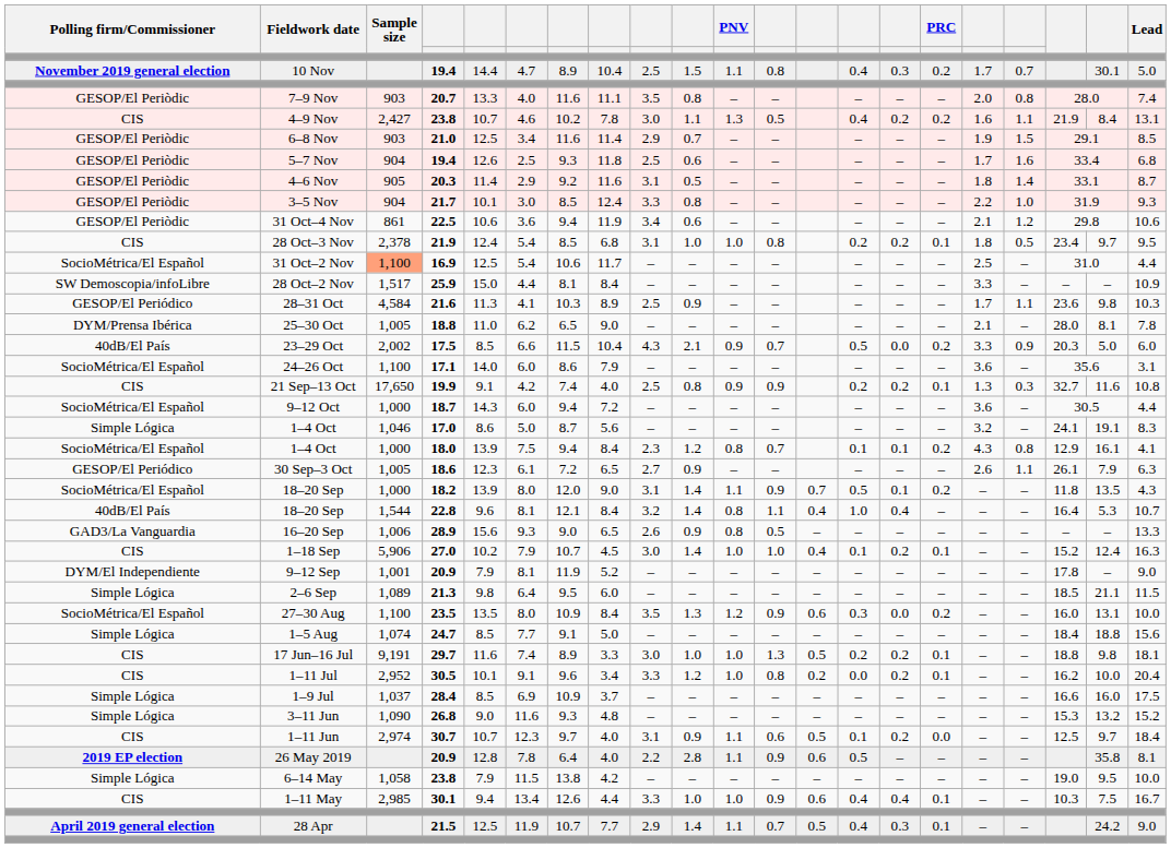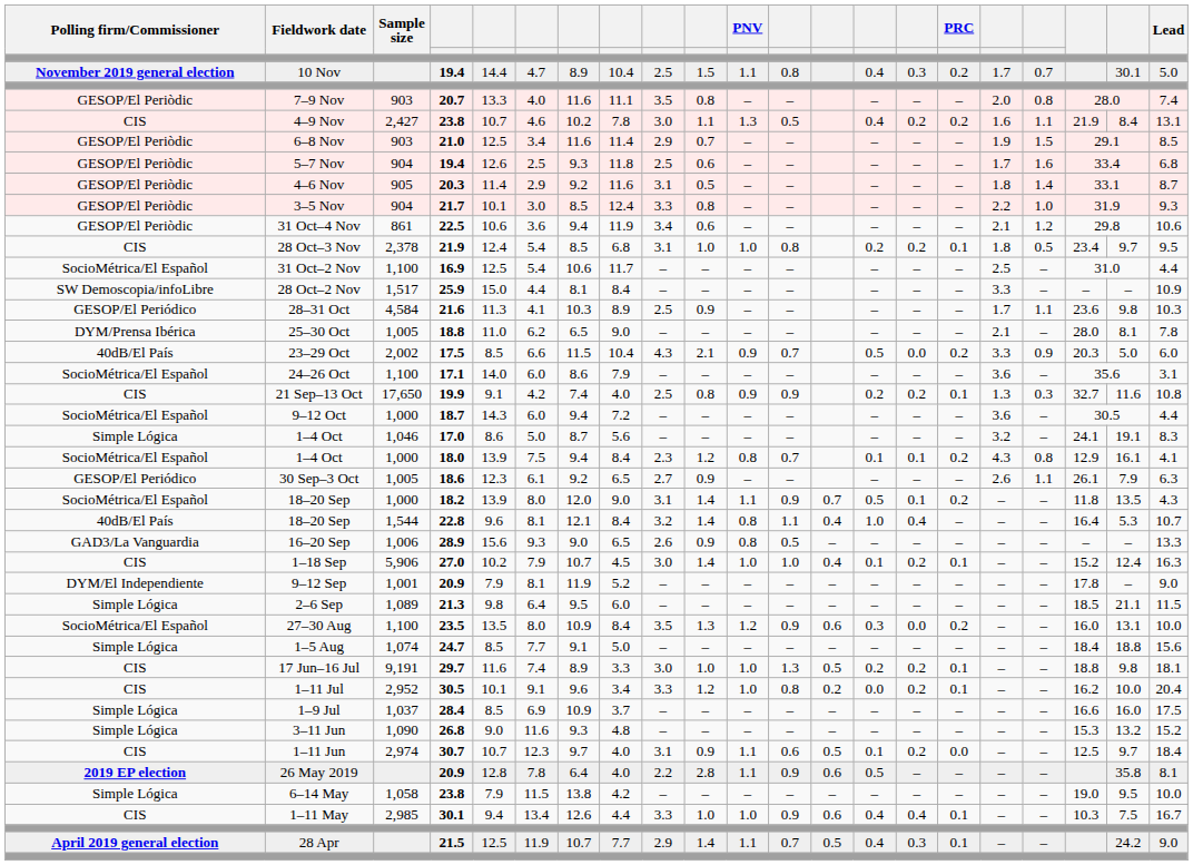 <table class="wikitable collapsible collapsed" style="text-align:center; font-size:90%; line-height:14px;">
 <tr style="height:42px;">
 <th style="width:250px;" rowspan="2">Polling firm/Commissioner</th>
 <th style="width:100px;" rowspan="2">Fieldwork date</th>
 <th style="width:50px;" rowspan="2">Sample size</th>
 <th style="width:35px;"></th>
 <th style="width:35px;"></th>
 <th style="width:35px;"></th>
 <th style="width:35px;"></th>
 <th style="width:35px;"></th>
 <th style="width:35px;"></th>
 <th style="width:35px;"></th>
 <th style="width:35px;"><a href='#'>PNV</a></th>
 <th style="width:35px;"></th>
 <th style="width:35px;"></th>
 <th style="width:35px;"></th>
 <th style="width:35px;"></th>
 <th style="width:35px;"><a href='#'>PRC</a></th>
 <th style="width:35px;"></th>
 <th style="width:35px;"></th>
 <th style="width:35px;" rowspan="2"></th>
 <th style="width:35px;" rowspan="2"></th>
 <th style="width:30px;" rowspan="2">Lead</th>
 </tr>
 <tr>
 <th style="color:inherit;background:"></th>
 <th style="color:inherit;background:"></th>
 <th style="color:inherit;background:"></th>
 <th style="color:inherit;background:"></th>
 <th style="color:inherit;background:"></th>
 <th style="color:inherit;background:"></th>
 <th style="color:inherit;background:"></th>
 <th style="color:inherit;background:"></th>
 <th style="color:inherit;background:"></th>
 <th style="color:inherit;background:"></th>
 <th style="color:inherit;background:"></th>
 <th style="color:inherit;background:"></th>
 <th style="color:inherit;background:"></th>
 <th style="color:inherit;background:"></th>
 <th style="color:inherit;background:"></th>
 </tr>
 <tr>
 <td colspan="21" style="background:#A0A0A0"></td>
 </tr>
 <tr style="background:#EFEFEF;">
 <td><strong><a href='#'>November 2019 general election</a></strong></td>
 <td>10 Nov</td>
 <td></td>
 <td><strong>19.4</strong></td>
 <td>14.4</td>
 <td>4.7</td>
 <td>8.9</td>
 <td>10.4</td>
 <td>2.5</td>
 <td>1.5</td>
 <td>1.1</td>
 <td>0.8</td>
 <td></td>
 <td>0.4</td>
 <td>0.3</td>
 <td>0.2</td>
 <td>1.7</td>
 <td>0.7</td>
 <td></td>
 <td>30.1</td>
 <td style="background:">5.0</td>
 </tr>
 <tr>
 <td colspan="21" style="background:#A0A0A0"></td>
 </tr>
 <tr style="background:#FFEAEA;">
 <td>GESOP/El Periòdic</td>
 <td>7–9 Nov</td>
 <td>903</td>
 <td><strong>20.7</strong></td>
 <td>13.3</td>
 <td>4.0</td>
 <td>11.6</td>
 <td>11.1</td>
 <td>3.5</td>
 <td>0.8</td>
 <td>–</td>
 <td>–</td>
 <td></td>
 <td>–</td>
 <td>–</td>
 <td>–</td>
 <td>2.0</td>
 <td>0.8</td>
 <td colspan="2">28.0</td>
 <td style="background:">7.4</td>
 </tr>
 <tr style="background:#FFEAEA;">
 <td>CIS</td>
 <td>4–9 Nov</td>
 <td>2,427</td>
 <td><strong>23.8</strong></td>
 <td>10.7</td>
 <td>4.6</td>
 <td>10.2</td>
 <td>7.8</td>
 <td>3.0</td>
 <td>1.1</td>
 <td>1.3</td>
 <td>0.5</td>
 <td></td>
 <td>0.4</td>
 <td>0.2</td>
 <td>0.2</td>
 <td>1.6</td>
 <td>1.1</td>
 <td>21.9</td>
 <td>8.4</td>
 <td style="background:">13.1</td>
 </tr>
 <tr style="background:#FFEAEA;">
 <td>GESOP/El Periòdic</td>
 <td>6–8 Nov</td>
 <td>903</td>
 <td><strong>21.0</strong></td>
 <td>12.5</td>
 <td>3.4</td>
 <td>11.6</td>
 <td>11.4</td>
 <td>2.9</td>
 <td>0.7</td>
 <td>–</td>
 <td>–</td>
 <td></td>
 <td>–</td>
 <td>–</td>
 <td>–</td>
 <td>1.9</td>
 <td>1.5</td>
 <td colspan="2">29.1</td>
 <td style="background:">8.5</td>
 </tr>
 <tr style="background:#FFEAEA;">
 <td>GESOP/El Periòdic</td>
 <td>5–7 Nov</td>
 <td>904</td>
 <td><strong>19.4</strong></td>
 <td>12.6</td>
 <td>2.5</td>
 <td>9.3</td>
 <td>11.8</td>
 <td>2.5</td>
 <td>0.6</td>
 <td>–</td>
 <td>–</td>
 <td></td>
 <td>–</td>
 <td>–</td>
 <td>–</td>
 <td>1.7</td>
 <td>1.6</td>
 <td colspan="2">33.4</td>
 <td style="background:">6.8</td>
 </tr>
 <tr style="background:#FFEAEA;">
 <td>GESOP/El Periòdic</td>
 <td>4–6 Nov</td>
 <td>905</td>
 <td><strong>20.3</strong></td>
 <td>11.4</td>
 <td>2.9</td>
 <td>9.2</td>
 <td>11.6</td>
 <td>3.1</td>
 <td>0.5</td>
 <td>–</td>
 <td>–</td>
 <td></td>
 <td>–</td>
 <td>–</td>
 <td>–</td>
 <td>1.8</td>
 <td>1.4</td>
 <td colspan="2">33.1</td>
 <td style="background:">8.7</td>
 </tr>
 <tr style="background:#FFEAEA;">
 <td>GESOP/El Periòdic</td>
 <td>3–5 Nov</td>
 <td>904</td>
 <td><strong>21.7</strong></td>
 <td>10.1</td>
 <td>3.0</td>
 <td>8.5</td>
 <td>12.4</td>
 <td>3.3</td>
 <td>0.8</td>
 <td>–</td>
 <td>–</td>
 <td></td>
 <td>–</td>
 <td>–</td>
 <td>–</td>
 <td>2.2</td>
 <td>1.0</td>
 <td colspan="2">31.9</td>
 <td style="background:">9.3</td>
 </tr>
 <tr>
 <td>GESOP/El Periòdic</td>
 <td>31 Oct–4 Nov</td>
 <td>861</td>
 <td><strong>22.5</strong></td>
 <td>10.6</td>
 <td>3.6</td>
 <td>9.4</td>
 <td>11.9</td>
 <td>3.4</td>
 <td>0.6</td>
 <td>–</td>
 <td>–</td>
 <td></td>
 <td>–</td>
 <td>–</td>
 <td>–</td>
 <td>2.1</td>
 <td>1.2</td>
 <td colspan="2">29.8</td>
 <td style="background:">10.6</td>
 </tr>
 <tr>
 <td>CIS</td>
 <td>28 Oct–3 Nov</td>
 <td>2,378</td>
 <td><strong>21.9</strong></td>
 <td>12.4</td>
 <td>5.4</td>
 <td>8.5</td>
 <td>6.8</td>
 <td>3.1</td>
 <td>1.0</td>
 <td>1.0</td>
 <td>0.8</td>
 <td></td>
 <td>0.2</td>
 <td>0.2</td>
 <td>0.1</td>
 <td>1.8</td>
 <td>0.5</td>
 <td>23.4</td>
 <td>9.7</td>
 <td style="background:">9.5</td>
 </tr>
 <tr>
 <td>SocioMétrica/El Español</td>
 <td>31 Oct–2 Nov</td>
-<td style="background: lightsalmon;">1,100</td>
+<td>1,100</td>
 <td><strong>16.9</strong></td>
 <td>12.5</td>
 <td>5.4</td>
 <td>10.6</td>
 <td>11.7</td>
 <td>–</td>
 <td>–</td>
 <td>–</td>
 <td>–</td>
 <td></td>
 <td>–</td>
 <td>–</td>
 <td>–</td>
 <td>2.5</td>
 <td>–</td>
 <td colspan="2">31.0</td>
 <td style="background:">4.4</td>
 </tr>
 <tr>
 <td>SW Demoscopia/infoLibre</td>
 <td>28 Oct–2 Nov</td>
 <td>1,517</td>
 <td><strong>25.9</strong></td>
 <td>15.0</td>
 <td>4.4</td>
 <td>8.1</td>
 <td>8.4</td>
 <td>–</td>
 <td>–</td>
 <td>–</td>
 <td>–</td>
 <td></td>
 <td>–</td>
 <td>–</td>
 <td>–</td>
 <td>3.3</td>
 <td>–</td>
 <td>–</td>
 <td>–</td>
 <td style="background:">10.9</td>
 </tr>
 <tr>
 <td>GESOP/El Periódico</td>
 <td>28–31 Oct</td>
 <td>4,584</td>
 <td><strong>21.6</strong></td>
 <td>11.3</td>
 <td>4.1</td>
 <td>10.3</td>
 <td>8.9</td>
 <td>2.5</td>
 <td>0.9</td>
 <td>–</td>
 <td>–</td>
 <td></td>
 <td>–</td>
 <td>–</td>
 <td>–</td>
 <td>1.7</td>
 <td>1.1</td>
 <td>23.6</td>
 <td>9.8</td>
 <td style="background:">10.3</td>
 </tr>
 <tr>
 <td>DYM/Prensa Ibérica</td>
 <td>25–30 Oct</td>
 <td>1,005</td>
 <td><strong>18.8</strong></td>
 <td>11.0</td>
 <td>6.2</td>
 <td>6.5</td>
 <td>9.0</td>
 <td>–</td>
 <td>–</td>
 <td>–</td>
 <td>–</td>
 <td></td>
 <td>–</td>
 <td>–</td>
 <td>–</td>
 <td>2.1</td>
 <td>–</td>
 <td>28.0</td>
 <td>8.1</td>
 <td style="background:">7.8</td>
 </tr>
 <tr>
 <td>40dB/El País</td>
 <td>23–29 Oct</td>
 <td>2,002</td>
 <td><strong>17.5</strong></td>
 <td>8.5</td>
 <td>6.6</td>
 <td>11.5</td>
 <td>10.4</td>
 <td>4.3</td>
 <td>2.1</td>
 <td>0.9</td>
 <td>0.7</td>
 <td></td>
 <td>0.5</td>
 <td>0.0</td>
 <td>0.2</td>
 <td>3.3</td>
 <td>0.9</td>
 <td>20.3</td>
 <td>5.0</td>
 <td style="background:">6.0</td>
 </tr>
 <tr>
 <td>SocioMétrica/El Español</td>
 <td>24–26 Oct</td>
 <td>1,100</td>
 <td><strong>17.1</strong></td>
 <td>14.0</td>
 <td>6.0</td>
 <td>8.6</td>
 <td>7.9</td>
 <td>–</td>
 <td>–</td>
 <td>–</td>
 <td>–</td>
 <td></td>
 <td>–</td>
 <td>–</td>
 <td>–</td>
 <td>3.6</td>
 <td>–</td>
 <td colspan="2">35.6</td>
 <td style="background:">3.1</td>
 </tr>
 <tr>
 <td>CIS</td>
 <td>21 Sep–13 Oct</td>
 <td>17,650</td>
 <td><strong>19.9</strong></td>
 <td>9.1</td>
 <td>4.2</td>
 <td>7.4</td>
 <td>4.0</td>
 <td>2.5</td>
 <td>0.8</td>
 <td>0.9</td>
 <td>0.9</td>
 <td></td>
 <td>0.2</td>
 <td>0.2</td>
 <td>0.1</td>
 <td>1.3</td>
 <td>0.3</td>
 <td>32.7</td>
 <td>11.6</td>
 <td style="background:">10.8</td>
 </tr>
 <tr>
 <td>SocioMétrica/El Español</td>
 <td>9–12 Oct</td>
 <td>1,000</td>
 <td><strong>18.7</strong></td>
 <td>14.3</td>
 <td>6.0</td>
 <td>9.4</td>
 <td>7.2</td>
 <td>–</td>
 <td>–</td>
 <td>–</td>
 <td>–</td>
 <td></td>
 <td>–</td>
 <td>–</td>
 <td>–</td>
 <td>3.6</td>
 <td>–</td>
 <td colspan="2">30.5</td>
 <td style="background:">4.4</td>
 </tr>
 <tr>
 <td>Simple Lógica</td>
 <td>1–4 Oct</td>
 <td>1,046</td>
 <td><strong>17.0</strong></td>
 <td>8.6</td>
 <td>5.0</td>
 <td>8.7</td>
 <td>5.6</td>
 <td>–</td>
 <td>–</td>
 <td>–</td>
 <td>–</td>
 <td></td>
 <td>–</td>
 <td>–</td>
 <td>–</td>
 <td>3.2</td>
 <td>–</td>
 <td>24.1</td>
 <td>19.1</td>
 <td style="background:">8.3</td>
 </tr>
 <tr>
 <td>SocioMétrica/El Español</td>
 <td>1–4 Oct</td>
 <td>1,000</td>
 <td><strong>18.0</strong></td>
 <td>13.9</td>
 <td>7.5</td>
 <td>9.4</td>
 <td>8.4</td>
 <td>2.3</td>
 <td>1.2</td>
 <td>0.8</td>
 <td>0.7</td>
 <td></td>
 <td>0.1</td>
 <td>0.1</td>
 <td>0.2</td>
 <td>4.3</td>
 <td>0.8</td>
 <td>12.9</td>
 <td>16.1</td>
 <td style="background:">4.1</td>
 </tr>
 <tr>
 <td>GESOP/El Periódico</td>
 <td>30 Sep–3 Oct</td>
 <td>1,005</td>
 <td><strong>18.6</strong></td>
 <td>12.3</td>
 <td>6.1</td>
-<td>7.2</td>
+<td>9.2</td>
 <td>6.5</td>
 <td>2.7</td>
 <td>0.9</td>
 <td>–</td>
 <td>–</td>
 <td></td>
 <td>–</td>
 <td>–</td>
 <td>–</td>
 <td>2.6</td>
 <td>1.1</td>
 <td>26.1</td>
 <td>7.9</td>
 <td style="background:">6.3</td>
 </tr>
 <tr>
 <td>SocioMétrica/El Español</td>
 <td>18–20 Sep</td>
 <td>1,000</td>
 <td><strong>18.2</strong></td>
 <td>13.9</td>
 <td>8.0</td>
 <td>12.0</td>
 <td>9.0</td>
 <td>3.1</td>
 <td>1.4</td>
 <td>1.1</td>
 <td>0.9</td>
 <td>0.7</td>
 <td>0.5</td>
 <td>0.1</td>
 <td>0.2</td>
 <td>–</td>
 <td>–</td>
 <td>11.8</td>
 <td>13.5</td>
 <td style="background:">4.3</td>
 </tr>
 <tr>
 <td>40dB/El País</td>
 <td>18–20 Sep</td>
 <td>1,544</td>
 <td><strong>22.8</strong></td>
 <td>9.6</td>
 <td>8.1</td>
 <td>12.1</td>
 <td>8.4</td>
 <td>3.2</td>
 <td>1.4</td>
 <td>0.8</td>
 <td>1.1</td>
 <td>0.4</td>
 <td>1.0</td>
 <td>0.4</td>
 <td>–</td>
 <td>–</td>
 <td>–</td>
 <td>16.4</td>
 <td>5.3</td>
 <td style="background:">10.7</td>
 </tr>
 <tr>
 <td>GAD3/La Vanguardia</td>
 <td>16–20 Sep</td>
 <td>1,006</td>
 <td><strong>28.9</strong></td>
 <td>15.6</td>
 <td>9.3</td>
 <td>9.0</td>
 <td>6.5</td>
 <td>2.6</td>
 <td>0.9</td>
 <td>0.8</td>
 <td>0.5</td>
 <td>–</td>
 <td>–</td>
 <td>–</td>
 <td>–</td>
 <td>–</td>
 <td>–</td>
 <td>–</td>
 <td>–</td>
 <td style="background:">13.3</td>
 </tr>
 <tr>
 <td>CIS</td>
 <td>1–18 Sep</td>
 <td>5,906</td>
 <td><strong>27.0</strong></td>
 <td>10.2</td>
 <td>7.9</td>
 <td>10.7</td>
 <td>4.5</td>
 <td>3.0</td>
 <td>1.4</td>
 <td>1.0</td>
 <td>1.0</td>
 <td>0.4</td>
 <td>0.1</td>
 <td>0.2</td>
 <td>0.1</td>
 <td>–</td>
 <td>–</td>
 <td>15.2</td>
 <td>12.4</td>
 <td style="background:">16.3</td>
 </tr>
 <tr>
 <td>DYM/El Independiente</td>
 <td>9–12 Sep</td>
 <td>1,001</td>
 <td><strong>20.9</strong></td>
 <td>7.9</td>
 <td>8.1</td>
 <td>11.9</td>
 <td>5.2</td>
 <td>–</td>
 <td>–</td>
 <td>–</td>
 <td>–</td>
 <td>–</td>
 <td>–</td>
 <td>–</td>
 <td>–</td>
 <td>–</td>
 <td>–</td>
 <td>17.8</td>
 <td>–</td>
 <td style="background:">9.0</td>
 </tr>
 <tr>
 <td>Simple Lógica</td>
 <td>2–6 Sep</td>
 <td>1,089</td>
 <td><strong>21.3</strong></td>
 <td>9.8</td>
 <td>6.4</td>
 <td>9.5</td>
 <td>6.0</td>
 <td>–</td>
 <td>–</td>
 <td>–</td>
 <td>–</td>
 <td>–</td>
 <td>–</td>
 <td>–</td>
 <td>–</td>
 <td>–</td>
 <td>–</td>
 <td>18.5</td>
 <td>21.1</td>
 <td style="background:">11.5</td>
 </tr>
 <tr>
 <td>SocioMétrica/El Español</td>
 <td>27–30 Aug</td>
 <td>1,100</td>
 <td><strong>23.5</strong></td>
 <td>13.5</td>
 <td>8.0</td>
 <td>10.9</td>
 <td>8.4</td>
 <td>3.5</td>
 <td>1.3</td>
 <td>1.2</td>
 <td>0.9</td>
 <td>0.6</td>
 <td>0.3</td>
 <td>0.0</td>
 <td>0.2</td>
 <td>–</td>
 <td>–</td>
 <td>16.0</td>
 <td>13.1</td>
 <td style="background:">10.0</td>
 </tr>
 <tr>
 <td>Simple Lógica</td>
 <td>1–5 Aug</td>
 <td>1,074</td>
 <td><strong>24.7</strong></td>
 <td>8.5</td>
 <td>7.7</td>
 <td>9.1</td>
 <td>5.0</td>
 <td>–</td>
 <td>–</td>
 <td>–</td>
 <td>–</td>
 <td>–</td>
 <td>–</td>
 <td>–</td>
 <td>–</td>
 <td>–</td>
 <td>–</td>
 <td>18.4</td>
 <td>18.8</td>
 <td style="background:">15.6</td>
 </tr>
 <tr>
 <td>CIS</td>
 <td>17 Jun–16 Jul</td>
 <td>9,191</td>
 <td><strong>29.7</strong></td>
 <td>11.6</td>
 <td>7.4</td>
 <td>8.9</td>
 <td>3.3</td>
 <td>3.0</td>
 <td>1.0</td>
 <td>1.0</td>
 <td>1.3</td>
 <td>0.5</td>
 <td>0.2</td>
 <td>0.2</td>
 <td>0.1</td>
 <td>–</td>
 <td>–</td>
 <td>18.8</td>
 <td>9.8</td>
 <td style="background:">18.1</td>
 </tr>
 <tr>
 <td>CIS</td>
 <td>1–11 Jul</td>
 <td>2,952</td>
 <td><strong>30.5</strong></td>
 <td>10.1</td>
 <td>9.1</td>
 <td>9.6</td>
 <td>3.4</td>
 <td>3.3</td>
 <td>1.2</td>
 <td>1.0</td>
 <td>0.8</td>
 <td>0.2</td>
 <td>0.0</td>
 <td>0.2</td>
 <td>0.1</td>
 <td>–</td>
 <td>–</td>
 <td>16.2</td>
 <td>10.0</td>
 <td style="background:">20.4</td>
 </tr>
 <tr>
 <td>Simple Lógica</td>
 <td>1–9 Jul</td>
 <td>1,037</td>
 <td><strong>28.4</strong></td>
 <td>8.5</td>
 <td>6.9</td>
 <td>10.9</td>
 <td>3.7</td>
 <td>–</td>
 <td>–</td>
 <td>–</td>
 <td>–</td>
 <td>–</td>
 <td>–</td>
 <td>–</td>
 <td>–</td>
 <td>–</td>
 <td>–</td>
 <td>16.6</td>
 <td>16.0</td>
 <td style="background:">17.5</td>
 </tr>
 <tr>
 <td>Simple Lógica</td>
 <td>3–11 Jun</td>
 <td>1,090</td>
 <td><strong>26.8</strong></td>
 <td>9.0</td>
 <td>11.6</td>
 <td>9.3</td>
 <td>4.8</td>
 <td>–</td>
 <td>–</td>
 <td>–</td>
 <td>–</td>
 <td>–</td>
 <td>–</td>
 <td>–</td>
 <td>–</td>
 <td>–</td>
 <td>–</td>
 <td>15.3</td>
 <td>13.2</td>
 <td style="background:">15.2</td>
 </tr>
 <tr>
 <td>CIS</td>
 <td>1–11 Jun</td>
 <td>2,974</td>
 <td><strong>30.7</strong></td>
 <td>10.7</td>
 <td>12.3</td>
 <td>9.7</td>
 <td>4.0</td>
 <td>3.1</td>
 <td>0.9</td>
 <td>1.1</td>
 <td>0.6</td>
 <td>0.5</td>
 <td>0.1</td>
 <td>0.2</td>
 <td>0.0</td>
 <td>–</td>
 <td>–</td>
 <td>12.5</td>
 <td>9.7</td>
 <td style="background:">18.4</td>
 </tr>
 <tr style="background:#EFEFEF;">
 <td><strong><a href='#'>2019 EP election</a></strong></td>
 <td>26 May 2019</td>
 <td></td>
 <td><strong>20.9</strong></td>
 <td>12.8</td>
 <td>7.8</td>
 <td>6.4</td>
 <td>4.0</td>
 <td>2.2</td>
 <td>2.8</td>
 <td>1.1</td>
 <td>0.9</td>
 <td>0.6</td>
 <td>0.5</td>
 <td>–</td>
 <td>–</td>
 <td>–</td>
 <td>–</td>
 <td></td>
 <td>35.8</td>
 <td style="background:">8.1</td>
 </tr>
 <tr>
 <td>Simple Lógica</td>
 <td>6–14 May</td>
 <td>1,058</td>
 <td><strong>23.8</strong></td>
 <td>7.9</td>
 <td>11.5</td>
 <td>13.8</td>
 <td>4.2</td>
 <td>–</td>
 <td>–</td>
 <td>–</td>
 <td>–</td>
 <td>–</td>
 <td>–</td>
 <td>–</td>
 <td>–</td>
 <td>–</td>
 <td>–</td>
 <td>19.0</td>
 <td>9.5</td>
 <td style="background:">10.0</td>
 </tr>
 <tr>
 <td>CIS</td>
 <td>1–11 May</td>
 <td>2,985</td>
 <td><strong>30.1</strong></td>
 <td>9.4</td>
 <td>13.4</td>
 <td>12.6</td>
 <td>4.4</td>
 <td>3.3</td>
 <td>1.0</td>
 <td>1.0</td>
 <td>0.9</td>
 <td>0.6</td>
 <td>0.4</td>
 <td>0.4</td>
 <td>0.1</td>
 <td>–</td>
 <td>–</td>
 <td>10.3</td>
 <td>7.5</td>
 <td style="background:">16.7</td>
 </tr>
 <tr>
 <td colspan="21" style="background:#A0A0A0"></td>
 </tr>
 <tr style="background:#EFEFEF;">
 <td><strong><a href='#'>April 2019 general election</a></strong></td>
 <td>28 Apr</td>
 <td></td>
 <td><strong>21.5</strong></td>
 <td>12.5</td>
 <td>11.9</td>
 <td>10.7</td>
 <td>7.7</td>
 <td>2.9</td>
 <td>1.4</td>
 <td>1.1</td>
 <td>0.7</td>
 <td>0.5</td>
 <td>0.4</td>
 <td>0.3</td>
 <td>0.1</td>
 <td>–</td>
 <td>–</td>
 <td></td>
 <td>24.2</td>
 <td style="background:">9.0</td>
 </tr>
 <tr>
 <td colspan="21" style="background:#A0A0A0"></td>
 </tr>
 </table>
